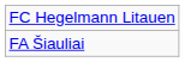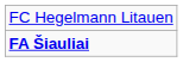 <table class="wikitable">
 <tr>
 <td><a href='#'>FC Hegelmann Litauen</a></td>
 </tr>
 <tr>
-<td><a href='#'>FA Šiauliai</a></td>
+<td><strong><a href='#'>FA Šiauliai</a></strong></td>
 </tr>
 </table>
